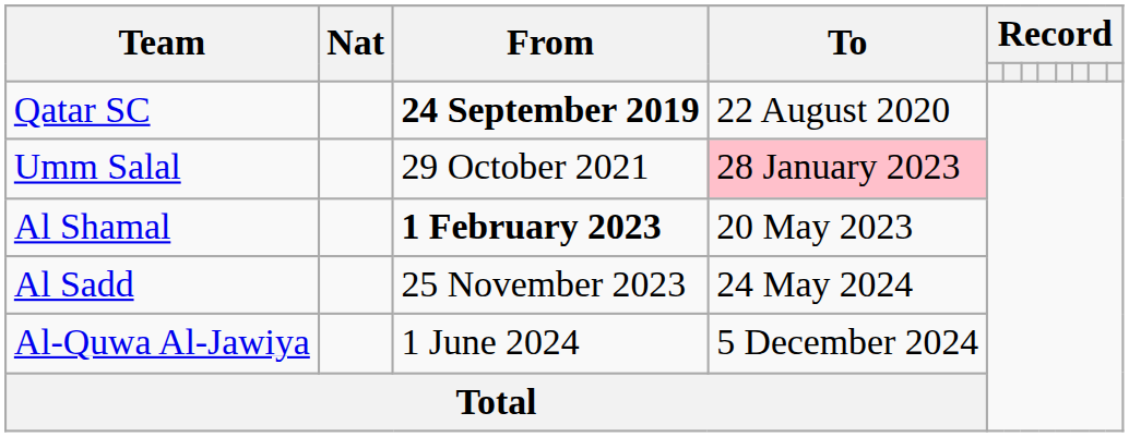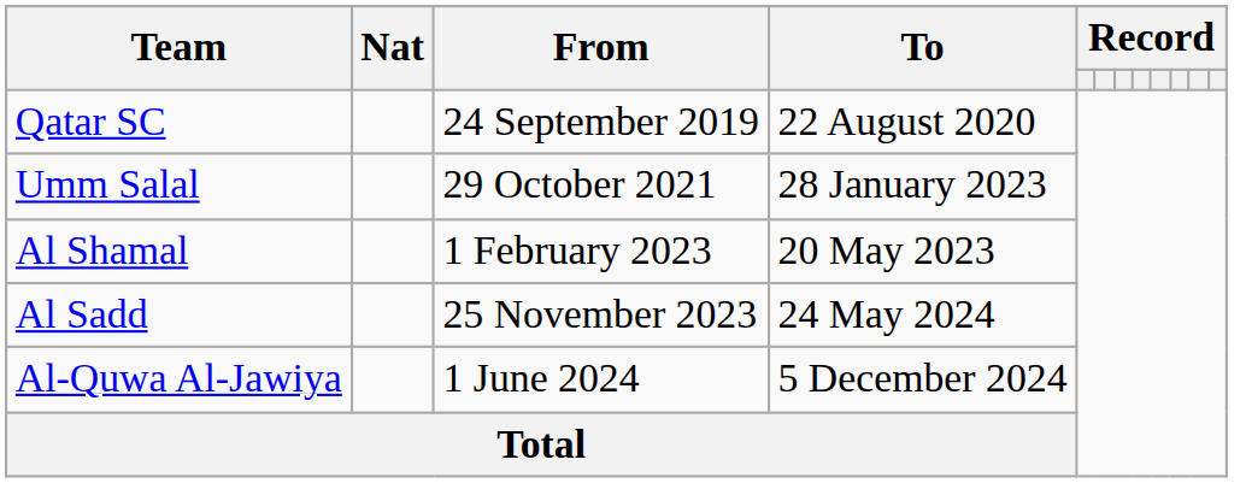 <table class="wikitable" style="text-align: center">
 <tr>
 </tr>
 <tr>
 <th rowspan="2">Team</th>
 <th rowspan="2">Nat</th>
 <th rowspan="2">From</th>
 <th rowspan="2">To</th>
 <th colspan="8">Record</th>
 </tr>
 <tr>
 <th></th>
 <th></th>
 <th></th>
 <th></th>
 <th></th>
 <th></th>
 <th></th>
 <th></th>
 </tr>
 <tr>
 <td align=left><a href='#'>Qatar SC</a></td>
 <td></td>
-<td align=left><strong>24 September 2019</strong></td>
+<td align=left>24 September 2019</td>
 <td align=left>22 August 2020<br></td>
 </tr>
 <tr>
 <td align=left><a href='#'>Umm Salal</a></td>
 <td></td>
 <td align=left>29 October 2021</td>
-<td align=left style="background: pink;">28 January 2023<br></td>
+<td align=left>28 January 2023<br></td>
 </tr>
 <tr>
 <td align=left><a href='#'>Al Shamal</a></td>
 <td></td>
-<td align=left><strong>1 February 2023</strong></td>
+<td align=left>1 February 2023</td>
 <td align=left>20 May 2023<br></td>
 </tr>
 <tr>
 <td align=left><a href='#'>Al Sadd</a></td>
 <td></td>
 <td align=left>25 November 2023</td>
 <td align=left>24 May 2024<br></td>
 </tr>
 <tr>
 <td align=left><a href='#'>Al-Quwa Al-Jawiya</a></td>
 <td></td>
 <td align=left>1 June 2024</td>
 <td align=left>5 December 2024<br></td>
 </tr>
 <tr>
 <th colspan="4">Total<br></th>
 </tr>
 </table>
